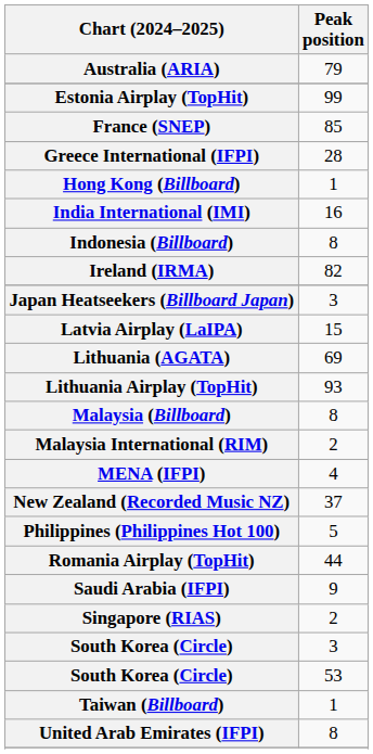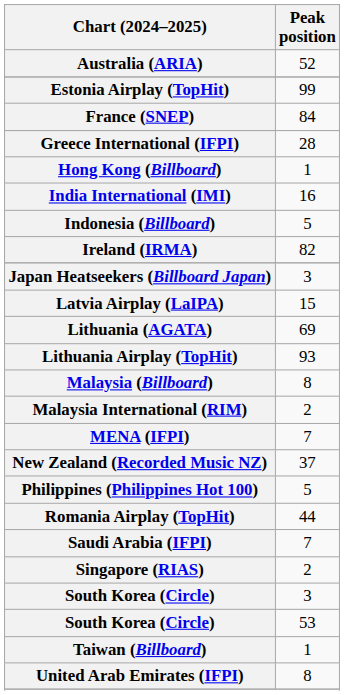 <table class="wikitable sortable plainrowheaders" style="text-align:center">
 <tr>
 <th scope="col">Chart (2024–2025)</th>
 <th scope="col">Peak<br>position</th>
 </tr>
 <tr>
 <th scope="row">Australia (<a href='#'>ARIA</a>)</th>
-<td>79</td>
+<td>52</td>
 </tr>
 <tr>
 </tr>
 <tr>
 <th scope="row">Estonia Airplay (<a href='#'>TopHit</a>)</th>
 <td>99</td>
 </tr>
 <tr>
 <th scope="row">France (<a href='#'>SNEP</a>)</th>
-<td>85</td>
+<td>84</td>
 </tr>
 <tr>
 </tr>
 <tr>
 <th scope="row">Greece International (<a href='#'>IFPI</a>)</th>
 <td>28</td>
 </tr>
 <tr>
 <th scope="row"><a href='#'>Hong Kong</a> (<em><a href='#'>Billboard</a></em>)</th>
 <td>1</td>
 </tr>
 <tr>
 <th scope="row"><a href='#'>India International</a> (<a href='#'>IMI</a>)</th>
 <td>16</td>
 </tr>
 <tr>
 <th scope="row">Indonesia (<em><a href='#'>Billboard</a></em>)</th>
-<td>8</td>
+<td>5</td>
 </tr>
 <tr>
 <th scope="row">Ireland (<a href='#'>IRMA</a>)</th>
 <td>82</td>
 </tr>
 <tr>
 </tr>
 <tr>
 <th scope="row">Japan Heatseekers (<em><a href='#'>Billboard Japan</a></em>)</th>
 <td>3</td>
 </tr>
 <tr>
 <th scope="row">Latvia Airplay (<a href='#'>LaIPA</a>)</th>
 <td>15</td>
 </tr>
 <tr>
 <th scope="row">Lithuania (<a href='#'>AGATA</a>)</th>
 <td>69</td>
 </tr>
 <tr>
 <th scope="row">Lithuania Airplay (<a href='#'>TopHit</a>)</th>
 <td>93</td>
 </tr>
 <tr>
 <th scope="row"><a href='#'>Malaysia</a> (<em><a href='#'>Billboard</a></em>)</th>
 <td>8</td>
 </tr>
 <tr>
 <th scope="row">Malaysia International (<a href='#'>RIM</a>)</th>
 <td>2</td>
 </tr>
 <tr>
 <th scope="row"><a href='#'>MENA</a> (<a href='#'>IFPI</a>)</th>
-<td>4</td>
+<td>7</td>
 </tr>
 <tr>
 <th scope="row">New Zealand (<a href='#'>Recorded Music NZ</a>)</th>
 <td>37</td>
 </tr>
 <tr>
 <th scope="row">Philippines (<a href='#'>Philippines Hot 100</a>)</th>
 <td>5</td>
 </tr>
 <tr>
 <th scope="row">Romania Airplay (<a href='#'>TopHit</a>)</th>
 <td>44</td>
 </tr>
 <tr>
 <th scope="row">Saudi Arabia (<a href='#'>IFPI</a>)</th>
-<td>9</td>
+<td>7</td>
 </tr>
 <tr>
 <th scope="row">Singapore (<a href='#'>RIAS</a>)</th>
 <td>2</td>
 </tr>
 <tr>
 <th scope="row">South Korea (<a href='#'>Circle</a>)</th>
 <td>3</td>
 </tr>
 <tr>
 <th scope="row">South Korea (<a href='#'>Circle</a>)<br></th>
 <td>53</td>
 </tr>
 <tr>
 <th scope="row">Taiwan (<em><a href='#'>Billboard</a></em>)</th>
 <td>1</td>
 </tr>
 <tr>
 <th scope="row">United Arab Emirates (<a href='#'>IFPI</a>)</th>
 <td>8</td>
 </tr>
 <tr>
 </tr>
 <tr>
 </tr>
 <tr>
 </tr>
 </table>
